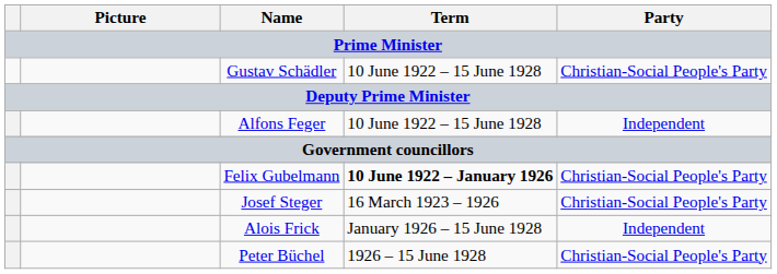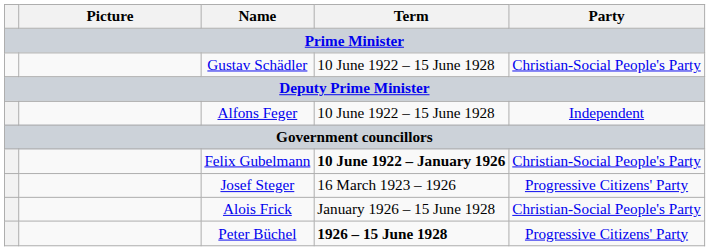 <table class="wikitable" style="text-align:center">
 <tr>
 <th style="width: 0.5em"></th>
 <th style="width: 11.5em"><strong>Picture</strong></th>
 <th><strong>Name</strong></th>
 <th><strong>Term</strong></th>
 <th><strong>Party</strong></th>
 </tr>
 <tr>
 <th colspan="6" style="background:#CCD2D9"><a href='#'>Prime Minister</a></th>
 </tr>
 <tr>
 <td ! style="background:"></td>
 <td></td>
 <td><a href='#'>Gustav Schädler</a></td>
 <td style="text-align:left">10 June 1922 – 15 June 1928</td>
 <td><a href='#'>Christian-Social People's Party</a></td>
 </tr>
 <tr>
 <th colspan="6" style="background:#CCD2D9"><a href='#'>Deputy Prime Minister</a></th>
 </tr>
 <tr>
 <th style="background:"></th>
 <td></td>
 <td><a href='#'>Alfons Feger</a></td>
 <td style="text-align:left">10 June 1922 – 15 June 1928</td>
 <td><a href='#'>Independent</a></td>
 </tr>
 <tr>
 <th colspan="6" style="background:#CCD2D9">Government councillors</th>
 </tr>
 <tr>
 <th style="background:"></th>
 <td></td>
 <td><a href='#'>Felix Gubelmann</a></td>
 <td style="text-align:left"><strong>10 June 1922 – January 1926</strong></td>
 <td><a href='#'>Christian-Social People's Party</a></td>
 </tr>
 <tr>
 <th style="background:"></th>
 <td></td>
 <td><a href='#'>Josef Steger</a></td>
 <td style="text-align:left">16 March 1923 – 1926</td>
-<td><a href='#'>Christian-Social People's Party</a></td>
+<td><a href='#'>Progressive Citizens' Party</a></td>
 </tr>
 <tr>
 <th style="background:"></th>
 <td></td>
 <td><a href='#'>Alois Frick</a></td>
 <td style="text-align:left">January 1926 – 15 June 1928</td>
-<td><a href='#'>Independent</a></td>
+<td><a href='#'>Christian-Social People's Party</a></td>
 </tr>
 <tr>
 <th style="background:"></th>
 <td></td>
 <td><a href='#'>Peter Büchel</a></td>
-<td style="text-align:left">1926 – 15 June 1928</td>
-<td><a href='#'>Christian-Social People's Party</a></td>
+<td style="text-align:left"><strong>1926 – 15 June 1928</strong></td>
+<td><a href='#'>Progressive Citizens' Party</a></td>
 </tr>
 </table>
